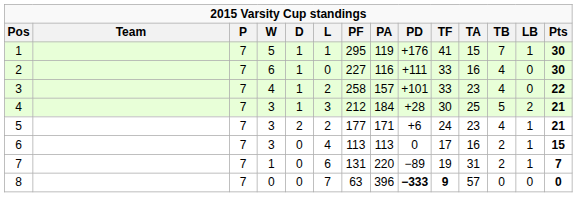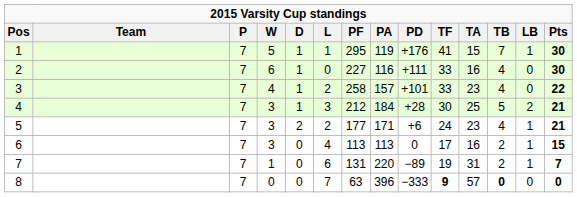 <table class="wikitable" style="text-align:center; line-height:110%; font-size:100%; width:60%;">
 <tr>
 <td colspan="14" cellpadding="0" cellspacing="0"><strong>2015 Varsity Cup standings</strong></td>
 </tr>
 <tr>
 <th style="width:5%;">Pos</th>
 <th style="width:35%;">Team</th>
 <th style="width:5%;">P</th>
 <th style="width:5%;">W</th>
 <th style="width:5%;">D</th>
 <th style="width:5%;">L</th>
 <th style="width:5%;">PF</th>
 <th style="width:5%;">PA</th>
 <th style="width:5%;">PD</th>
 <th style="width:5%;">TF</th>
 <th style="width:5%;">TA</th>
 <th style="width:5%;">TB</th>
 <th style="width:5%;">LB</th>
 <th style="width:5%;">Pts<br></th>
 </tr>
 <tr style="background:#E8FFD8;">
 <td>1</td>
 <td align=left></td>
 <td>7</td>
 <td>5</td>
 <td>1</td>
 <td>1</td>
 <td>295</td>
 <td>119</td>
 <td>+176</td>
 <td>41</td>
 <td>15</td>
 <td>7</td>
 <td>1</td>
 <td><strong>30</strong></td>
 </tr>
 <tr style="background:#E8FFD8;">
 <td>2</td>
 <td align=left></td>
 <td>7</td>
 <td>6</td>
 <td>1</td>
 <td>0</td>
 <td>227</td>
 <td>116</td>
 <td>+111</td>
 <td>33</td>
 <td>16</td>
 <td>4</td>
 <td>0</td>
 <td><strong>30</strong></td>
 </tr>
 <tr style="background:#E8FFD8;">
 <td>3</td>
 <td align=left></td>
 <td>7</td>
 <td>4</td>
 <td>1</td>
 <td>2</td>
 <td>258</td>
 <td>157</td>
 <td>+101</td>
 <td>33</td>
 <td>23</td>
 <td>4</td>
 <td>0</td>
 <td><strong>22</strong></td>
 </tr>
 <tr style="background:#E8FFD8;">
 <td>4</td>
 <td align=left></td>
 <td>7</td>
 <td>3</td>
 <td>1</td>
 <td>3</td>
 <td>212</td>
 <td>184</td>
 <td>+28</td>
 <td>30</td>
 <td>25</td>
 <td>5</td>
 <td>2</td>
 <td><strong>21</strong></td>
 </tr>
 <tr style="background:#FFFFFF;">
 <td>5</td>
 <td align=left></td>
 <td>7</td>
 <td>3</td>
 <td>2</td>
 <td>2</td>
 <td>177</td>
 <td>171</td>
 <td>+6</td>
 <td>24</td>
 <td>23</td>
 <td>4</td>
 <td>1</td>
 <td><strong>21</strong></td>
 </tr>
 <tr style="background:#FFFFFF;">
 <td>6</td>
 <td align=left></td>
 <td>7</td>
 <td>3</td>
 <td>0</td>
 <td>4</td>
 <td>113</td>
 <td>113</td>
 <td>0</td>
 <td>17</td>
 <td>16</td>
 <td>2</td>
 <td>1</td>
 <td><strong>15</strong></td>
 </tr>
 <tr style="background:#FFFFFF;">
 <td>7</td>
 <td align=left></td>
 <td>7</td>
 <td>1</td>
 <td>0</td>
 <td>6</td>
 <td>131</td>
 <td>220</td>
 <td>−89</td>
 <td>19</td>
 <td>31</td>
 <td>2</td>
 <td>1</td>
 <td><strong>7</strong></td>
 </tr>
 <tr style="background:#FFFFFF;">
 <td>8</td>
 <td align=left></td>
 <td>7</td>
 <td>0</td>
 <td>0</td>
 <td>7</td>
 <td>63</td>
 <td>396</td>
-<td><strong>−333</strong></td>
+<td>−333</td>
 <td><strong>9</strong></td>
 <td>57</td>
-<td>0</td>
+<td><strong>0</strong></td>
 <td>0</td>
 <td><strong>0</strong></td>
 </tr>
 </table>
